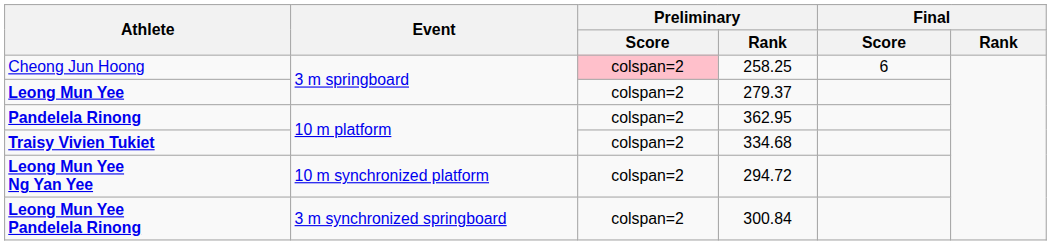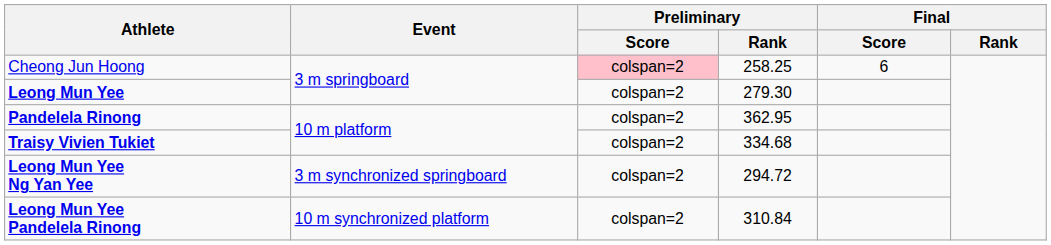 <table class="wikitable" width="75%" style="text-align:center; font-size:90%;">
 <tr>
 <th rowspan="2" width="15%">Athlete</th>
 <th rowspan="2" width="15%">Event</th>
 <th colspan="2" width="12%">Preliminary</th>
 <th colspan="2" width="12%">Final</th>
 </tr>
 <tr>
 <th width="7%">Score</th>
 <th>Rank</th>
 <th width="7%">Score</th>
 <th>Rank</th>
 </tr>
 <tr>
 <td align=left><a href='#'>Cheong Jun Hoong</a></td>
 <td align=left rowspan=2><a href='#'>3 m springboard</a></td>
 <td style="background: pink;">colspan=2 </td>
 <td>258.25</td>
 <td>6</td>
 </tr>
 <tr>
 <td align=left><strong><a href='#'>Leong Mun Yee</a></strong></td>
 <td>colspan=2 </td>
-<td>279.37</td>
+<td>279.30</td>
 <td></td>
 </tr>
 <tr>
 <td align=left><strong><a href='#'>Pandelela Rinong</a></strong></td>
 <td align=left rowspan=2><a href='#'>10 m platform</a></td>
 <td>colspan=2 </td>
 <td>362.95</td>
 <td></td>
 </tr>
 <tr>
 <td align=left><strong><a href='#'>Traisy Vivien Tukiet</a></strong></td>
 <td>colspan=2 </td>
 <td>334.68</td>
 <td></td>
 </tr>
 <tr>
 <td align=left><strong><a href='#'>Leong Mun Yee</a><br><a href='#'>Ng Yan Yee</a></strong></td>
-<td align=left><a href='#'>10 m synchronized platform</a></td>
+<td align=left><a href='#'>3 m synchronized springboard</a></td>
 <td>colspan=2 </td>
 <td>294.72</td>
 <td></td>
 </tr>
 <tr>
 <td align=left><strong><a href='#'>Leong Mun Yee</a><br><a href='#'>Pandelela Rinong</a></strong></td>
-<td align=left><a href='#'>3 m synchronized springboard</a></td>
+<td align=left><a href='#'>10 m synchronized platform</a></td>
 <td>colspan=2 </td>
-<td>300.84</td>
+<td>310.84</td>
 <td></td>
 </tr>
 </table>
